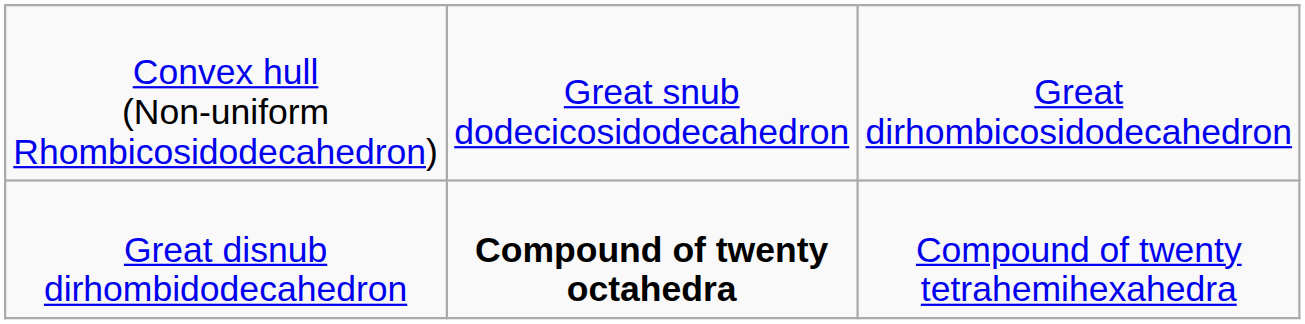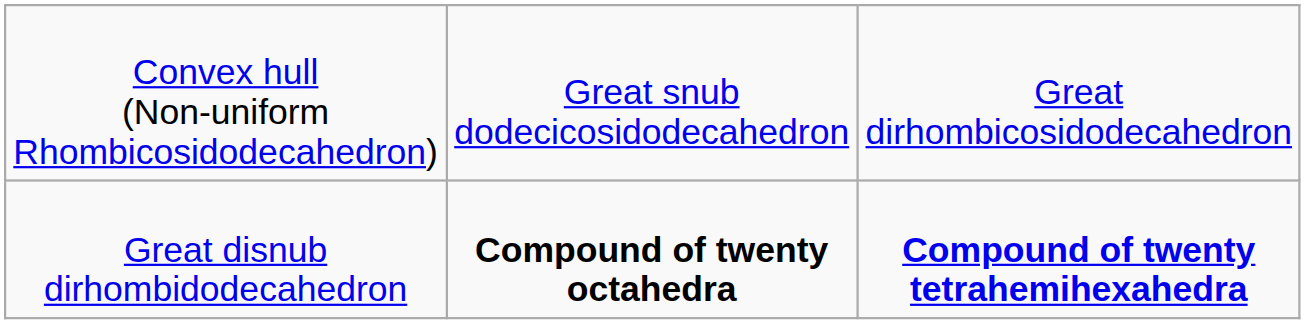 <table class="wikitable" width="400" style="vertical-align:top;text-align:center">
 <tr>
 <td><br><a href='#'>Convex hull</a><br>(Non-uniform <a href='#'>Rhombicosidodecahedron</a>)</td>
 <td><br><a href='#'>Great snub dodecicosidodecahedron</a></td>
 <td><br><a href='#'>Great dirhombicosidodecahedron</a></td>
 </tr>
 <tr>
 <td><br><a href='#'>Great disnub dirhombidodecahedron</a></td>
 <td><br><strong>Compound of twenty octahedra</strong></td>
-<td><br><a href='#'>Compound of twenty tetrahemihexahedra</a></td>
+<td><strong><br><a href='#'>Compound of twenty tetrahemihexahedra</a></strong></td>
 </tr>
 </table>
